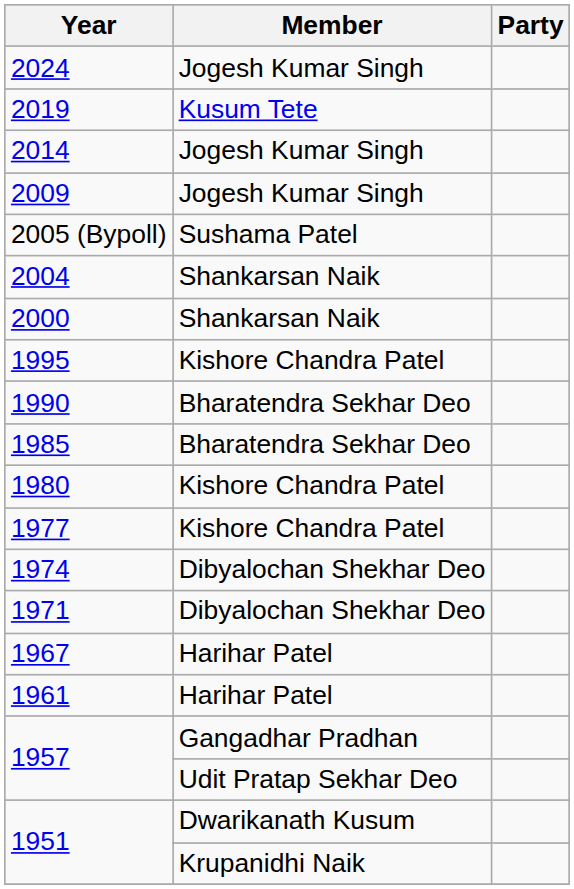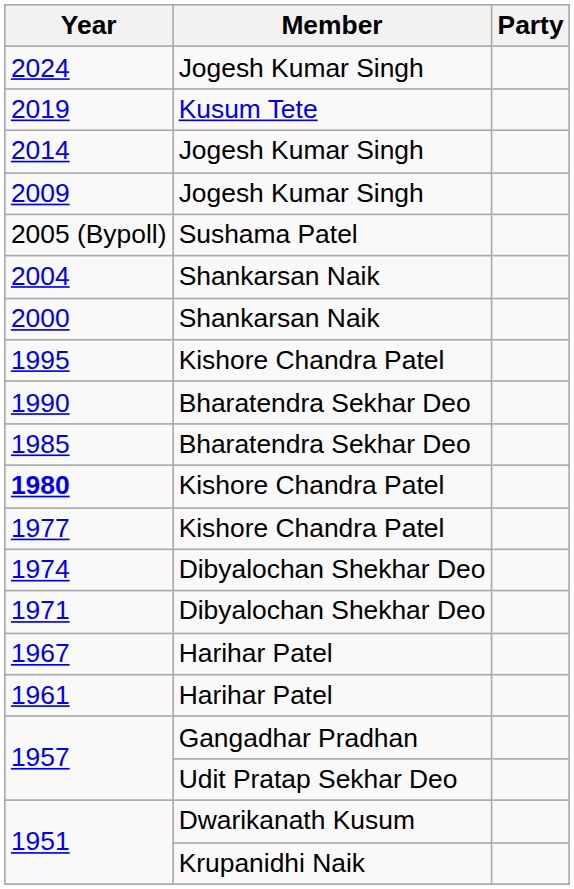 <table class="wikitable sortable">
 <tr>
 <th>Year</th>
 <th>Member</th>
 <th colspan=2>Party</th>
 </tr>
 <tr>
 <td><a href='#'>2024</a></td>
 <td>Jogesh Kumar Singh</td>
 <td></td>
 </tr>
 <tr>
 <td><a href='#'>2019</a></td>
 <td><a href='#'>Kusum Tete</a></td>
 <td></td>
 </tr>
 <tr>
 <td><a href='#'>2014</a></td>
 <td>Jogesh Kumar Singh</td>
 <td></td>
 </tr>
 <tr>
 <td><a href='#'>2009</a></td>
 <td>Jogesh Kumar Singh</td>
 <td></td>
 </tr>
 <tr>
 <td>2005 (Bypoll)</td>
 <td>Sushama Patel</td>
 <td></td>
 </tr>
 <tr>
 <td><a href='#'>2004</a></td>
 <td>Shankarsan Naik</td>
 <td></td>
 </tr>
 <tr>
 <td><a href='#'>2000</a></td>
 <td>Shankarsan Naik</td>
 <td></td>
 </tr>
 <tr>
 <td><a href='#'>1995</a></td>
 <td>Kishore Chandra Patel</td>
 <td></td>
 </tr>
 <tr>
 <td><a href='#'>1990</a></td>
 <td>Bharatendra Sekhar Deo</td>
 <td></td>
 </tr>
 <tr>
 <td><a href='#'>1985</a></td>
 <td>Bharatendra Sekhar Deo</td>
 <td></td>
 </tr>
 <tr>
-<td><a href='#'>1980</a></td>
+<td><strong><a href='#'>1980</a></strong></td>
 <td>Kishore Chandra Patel</td>
 <td></td>
 </tr>
 <tr>
 <td><a href='#'>1977</a></td>
 <td>Kishore Chandra Patel</td>
 <td></td>
 </tr>
 <tr>
 <td><a href='#'>1974</a></td>
 <td>Dibyalochan Shekhar Deo</td>
 <td></td>
 </tr>
 <tr>
 <td><a href='#'>1971</a></td>
 <td>Dibyalochan Shekhar Deo</td>
 <td></td>
 </tr>
 <tr>
 <td><a href='#'>1967</a></td>
 <td>Harihar Patel</td>
 <td></td>
 </tr>
 <tr>
 <td><a href='#'>1961</a></td>
 <td>Harihar Patel</td>
 <td></td>
 </tr>
 <tr>
 <td rowspan="2"><a href='#'>1957</a></td>
 <td>Gangadhar Pradhan</td>
 <td></td>
 </tr>
 <tr>
 <td>Udit Pratap Sekhar Deo</td>
 <td></td>
 </tr>
 <tr>
 <td rowspan="2"><a href='#'>1951</a></td>
 <td>Dwarikanath Kusum</td>
 <td></td>
 </tr>
 <tr>
 <td>Krupanidhi Naik</td>
 <td></td>
 </tr>
 <tr>
 </tr>
 </table>
